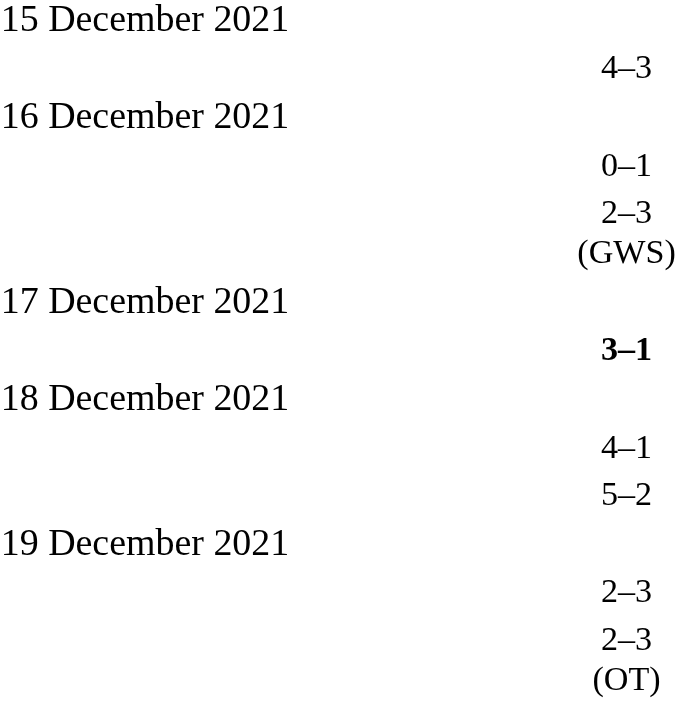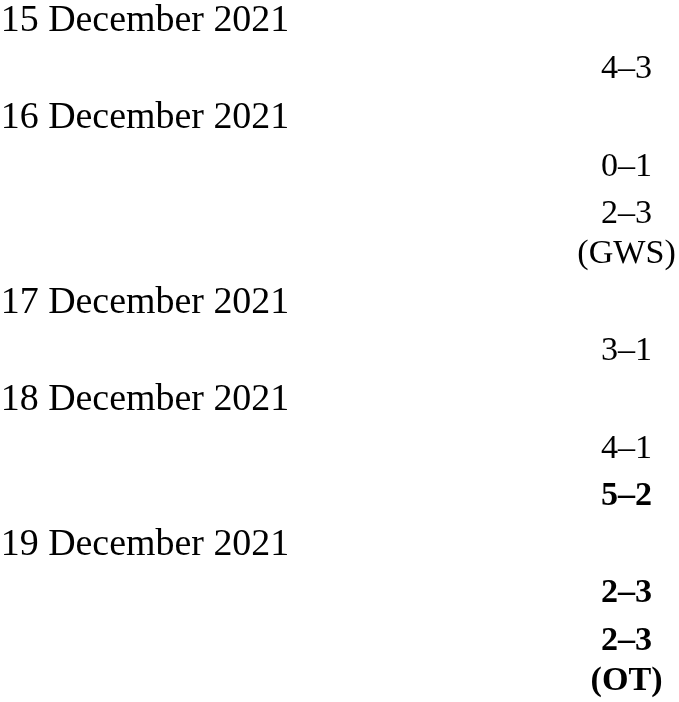 <table style="width:100%;" cellspacing="1">
 <tr>
 <th width=25%></th>
 <th width=2%></th>
 <th width=6%></th>
 <th width=2%></th>
 <th width=25%></th>
 </tr>
 <tr>
 <td>15 December 2021</td>
 </tr>
 <tr style=font-size:90%>
 <td align=right></td>
 <td></td>
 <td align=center>4–3</td>
 <td></td>
 <td></td>
 <td></td>
 </tr>
 <tr>
 <td>16 December 2021</td>
 </tr>
 <tr style=font-size:90%>
 <td align=right></td>
 <td></td>
 <td align=center>0–1</td>
 <td></td>
 <td></td>
 <td></td>
 </tr>
 <tr style=font-size:90%>
 <td align=right></td>
 <td></td>
 <td align=center>2–3 (GWS)</td>
 <td></td>
 <td></td>
 <td></td>
 </tr>
 <tr>
 <td>17 December 2021</td>
 </tr>
 <tr style=font-size:90%>
 <td align=right></td>
 <td></td>
-<td align=center><strong>3–1</strong></td>
+<td align=center>3–1</td>
 <td></td>
 <td></td>
 <td></td>
 </tr>
 <tr>
 <td>18 December 2021</td>
 </tr>
 <tr style=font-size:90%>
 <td align=right></td>
 <td></td>
 <td align=center>4–1</td>
 <td></td>
 <td></td>
 <td></td>
 </tr>
 <tr style=font-size:90%>
 <td align=right></td>
 <td></td>
-<td align=center>5–2</td>
+<td align=center><strong>5–2</strong></td>
 <td></td>
 <td></td>
 <td></td>
 </tr>
 <tr>
 <td>19 December 2021</td>
 </tr>
 <tr style=font-size:90%>
 <td align=right></td>
 <td></td>
-<td align=center>2–3</td>
+<td align=center><strong>2–3</strong></td>
 <td></td>
 <td></td>
 <td></td>
 </tr>
 <tr style=font-size:90%>
 <td align=right></td>
 <td></td>
-<td align=center>2–3 (OT)</td>
+<td align=center><strong>2–3 (OT)</strong></td>
 <td></td>
 <td></td>
 <td></td>
 </tr>
 </table>
